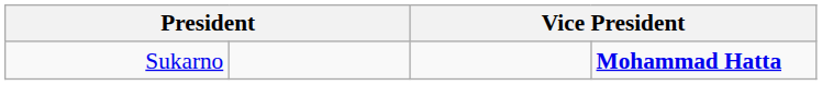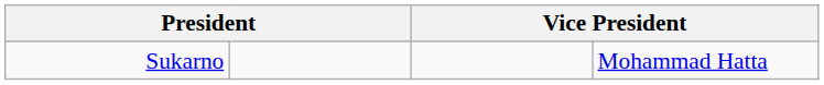 <table class="wikitable">
 <tr>
 <th colspan="2" width=270>President</th>
 <th colspan="2" width=270>Vice President</th>
 </tr>
 <tr>
 <td align="right"><a href='#'>Sukarno</a></td>
 <td align="center" width=117></td>
 <td align="center" width=116></td>
-<td align="left"><strong><a href='#'>Mohammad Hatta</a></strong></td>
+<td align="left"><a href='#'>Mohammad Hatta</a></td>
 </tr>
 </table>
